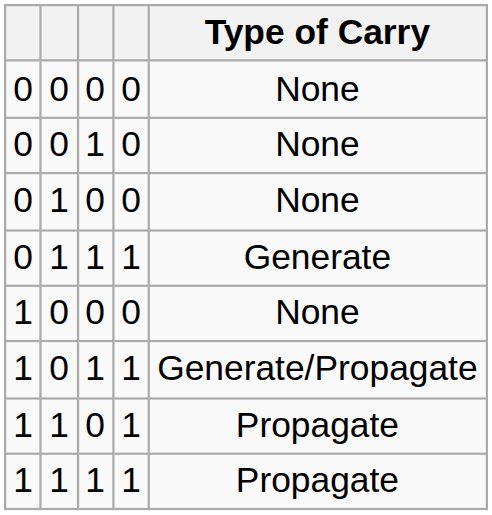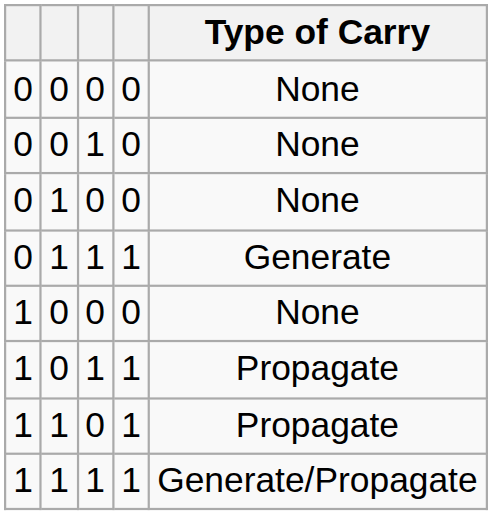 <table class="wikitable" style = "text-align: center";>
 <tr>
 <th></th>
 <th></th>
 <th></th>
 <th></th>
 <th>Type of Carry</th>
 </tr>
 <tr>
 <td>0</td>
 <td>0</td>
 <td>0</td>
 <td>0</td>
 <td>None</td>
 </tr>
 <tr>
 <td>0</td>
 <td>0</td>
 <td>1</td>
 <td>0</td>
 <td>None</td>
 </tr>
 <tr>
 <td>0</td>
 <td>1</td>
 <td>0</td>
 <td>0</td>
 <td>None</td>
 </tr>
 <tr>
 <td>0</td>
 <td>1</td>
 <td>1</td>
 <td>1</td>
 <td>Generate</td>
 </tr>
 <tr>
 <td>1</td>
 <td>0</td>
 <td>0</td>
 <td>0</td>
 <td>None</td>
 </tr>
 <tr>
 <td>1</td>
 <td>0</td>
 <td>1</td>
 <td>1</td>
-<td>Generate/Propagate</td>
+<td>Propagate</td>
 </tr>
 <tr>
 <td>1</td>
 <td>1</td>
 <td>0</td>
 <td>1</td>
 <td>Propagate</td>
 </tr>
 <tr>
 <td>1</td>
 <td>1</td>
 <td>1</td>
 <td>1</td>
-<td>Propagate</td>
+<td>Generate/Propagate</td>
 </tr>
 </table>
